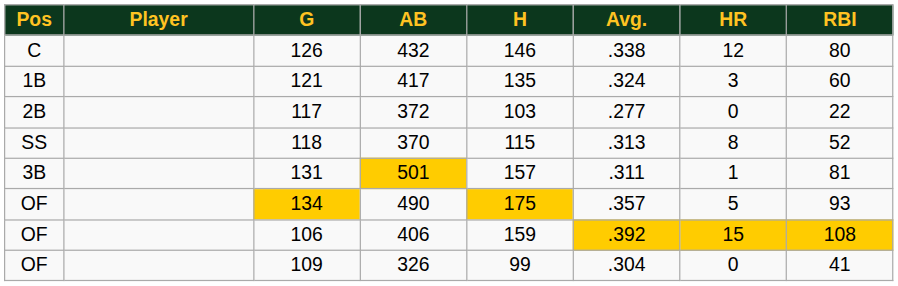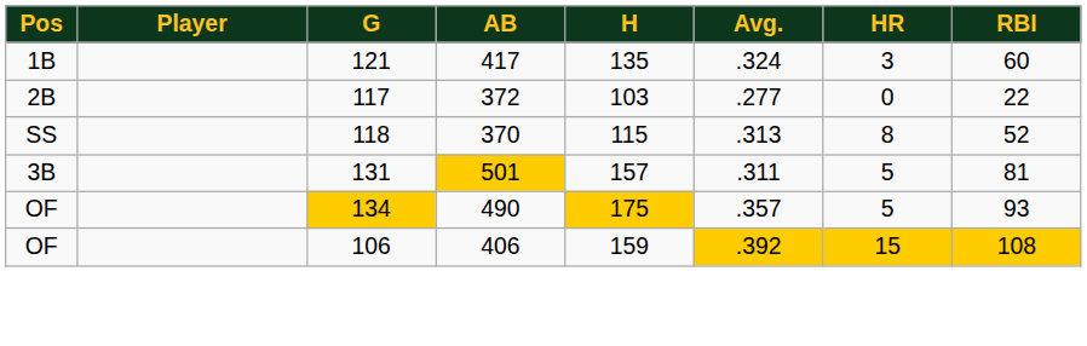 <table class="wikitable sortable">
 <tr>
 <th style="background:#0C371D;color:#ffc322;" width="5%">Pos</th>
 <th style="background:#0C371D;color:#ffc322;" width="16%">Player</th>
 <th style="background:#0C371D;color:#ffc322;" width="9%">G</th>
 <th style="background:#0C371D;color:#ffc322;" width="9%">AB</th>
 <th style="background:#0C371D;color:#ffc322;" width="9%">H</th>
 <th style="background:#0C371D;color:#ffc322;" width="9%">Avg.</th>
 <th style="background:#0C371D;color:#ffc322;" width="9%">HR</th>
 <th style="background:#0C371D;color:#ffc322;" width="9%">RBI</th>
-</tr>
-<tr align="center">
-<td>C</td>
-<td></td>
-<td>126</td>
-<td>432</td>
-<td>146</td>
-<td>.338</td>
-<td>12</td>
-<td>80</td>
 </tr>
 <tr align="center">
 <td>1B</td>
 <td></td>
 <td>121</td>
 <td>417</td>
 <td>135</td>
 <td>.324</td>
 <td>3</td>
 <td>60</td>
 </tr>
 <tr align="center">
 <td>2B</td>
 <td></td>
 <td>117</td>
 <td>372</td>
 <td>103</td>
 <td>.277</td>
 <td>0</td>
 <td>22</td>
 </tr>
 <tr align="center">
 <td>SS</td>
 <td></td>
 <td>118</td>
 <td>370</td>
 <td>115</td>
 <td>.313</td>
 <td>8</td>
 <td>52</td>
 </tr>
 <tr align="center">
 <td>3B</td>
 <td></td>
 <td>131</td>
 <td style="background:#fc0;">501</td>
 <td>157</td>
 <td>.311</td>
-<td>1</td>
+<td>5</td>
 <td>81</td>
 </tr>
 <tr align="center">
 <td>OF</td>
 <td></td>
 <td style="background:#fc0;">134</td>
 <td>490</td>
 <td style="background:#fc0;">175</td>
 <td>.357</td>
 <td>5</td>
 <td>93</td>
 </tr>
 <tr align="center">
 <td>OF</td>
 <td></td>
 <td>106</td>
 <td>406</td>
 <td>159</td>
 <td style="background:#fc0;">.392</td>
 <td style="background:#fc0;">15</td>
 <td style="background:#fc0;">108</td>
 </tr>
-<tr align="center">
-<td>OF</td>
-<td></td>
-<td>109</td>
-<td>326</td>
-<td>99</td>
-<td>.304</td>
-<td>0</td>
-<td>41</td>
-</tr>
 </table>
